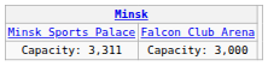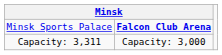 <table class="wikitable" style="text-align:center;">
 <tr>
 <th colspan=2><a href='#'>Minsk</a></th>
 <td rowspan="4"><br></td>
 </tr>
 <tr>
 <td><a href='#'>Minsk Sports Palace</a></td>
-<td><a href='#'>Falcon Club Arena</a></td>
+<td><strong><a href='#'>Falcon Club Arena</a></strong></td>
 </tr>
 <tr>
 <td>Capacity: 3,311</td>
 <td>Capacity: 3,000</td>
 </tr>
 </table>
